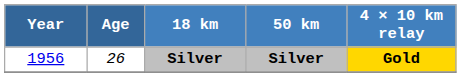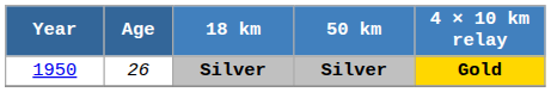 <table class="wikitable" style="font-size:95%; text-align:center; border:grey solid 1px; border-collapse:collapse; background:#ffffff;">
 <tr>
 <th style="background-color:#369; color:white; width:60px;"> Year </th>
 <th style="background-color:#369; color:white; width:40px;"> Age </th>
 <th style="background-color:#4180be; color:white; width:75px;"> 18 km </th>
 <th style="background-color:#4180be; color:white; width:75px;"> 50 km </th>
 <th style="background-color:#4180be; color:white; width:75px;"> 4 × 10 km <br> relay </th>
 </tr>
 <tr>
-<td><a href='#'>1956</a></td>
+<td><a href='#'>1950</a></td>
 <td><em>26</em></td>
 <td style="background:silver;"><strong>Silver</strong></td>
 <td style="background:silver;"><strong>Silver</strong></td>
 <td style="background:gold;"><strong>Gold</strong></td>
 </tr>
 <tr>
 </tr>
 </table>
